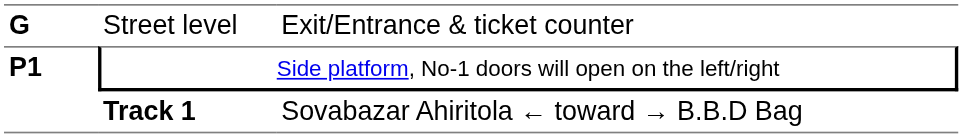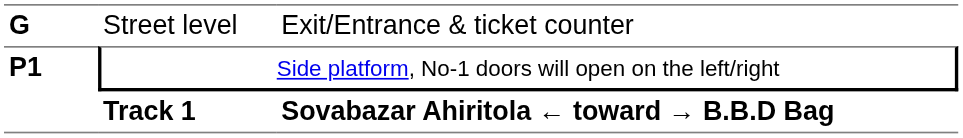 <table table border=0 cellspacing=0 cellpadding=3>
 <tr>
 <td style="border-top:solid 1px gray;" width=50 valign=top><strong>G</strong></td>
 <td style="border-top:solid 1px gray;" width=100 valign=top>Street level</td>
 <td style="border-top:solid 1px gray;" width=400 valign=top>Exit/Entrance & ticket counter</td>
 </tr>
 <tr>
 <td style="border-top:solid 1px gray;border-bottom:solid 1px gray;" width=50 rowspan=6 valign=top><strong>P1</strong></td>
 <td style="border-top:solid 1px gray;border-right:solid 2px black;border-left:solid 2px black;border-bottom:solid 2px black;text-align:center;" colspan=2><small><a href='#'>Side platform</a>, No-1 doors will open on the left/right</small></td>
 </tr>
 <tr>
 <td style="border-bottom:solid 1px gray;" width=100><strong>Track 1</strong></td>
-<td style="border-bottom:solid 1px gray;" width=400>Sovabazar Ahiritola ← toward → B.B.D Bag</td>
+<td style="border-bottom:solid 1px gray;" width=400><strong>Sovabazar Ahiritola ← toward → B.B.D Bag</strong></td>
 </tr>
 <tr>
 </tr>
 </table>
